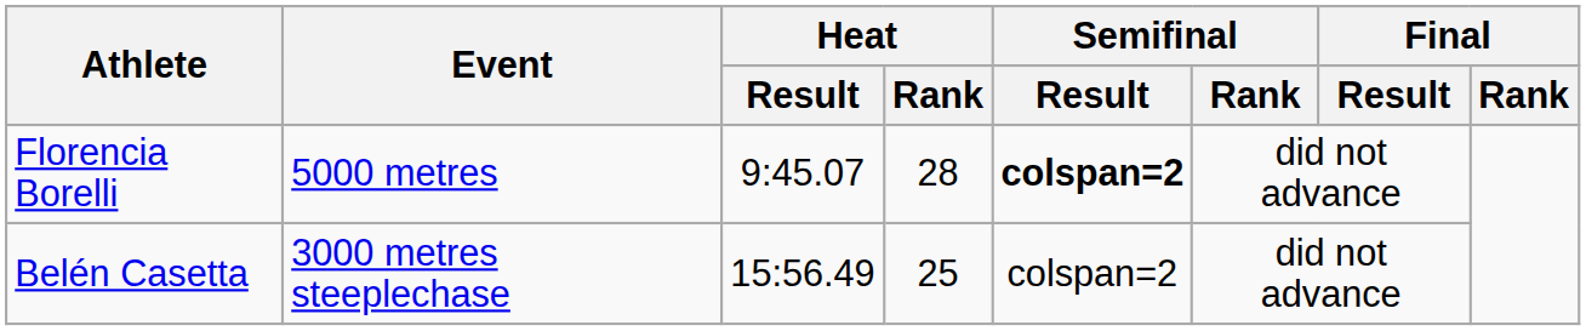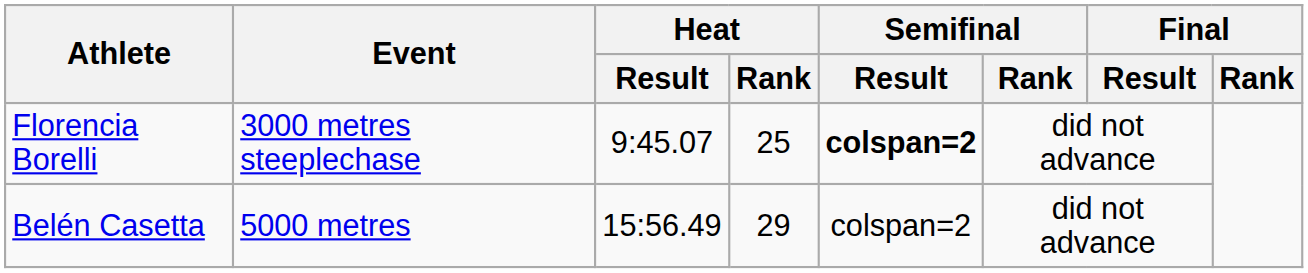 <table class="wikitable"  style=font-size:90%>
 <tr>
 <th rowspan="2">Athlete</th>
 <th rowspan="2">Event</th>
 <th colspan="2">Heat</th>
 <th colspan="2">Semifinal</th>
 <th colspan="2">Final</th>
 </tr>
 <tr>
 <th>Result</th>
 <th>Rank</th>
 <th>Result</th>
 <th>Rank</th>
 <th>Result</th>
 <th>Rank</th>
 </tr>
 <tr style=text-align:center>
 <td style=text-align:left><a href='#'>Florencia Borelli</a></td>
-<td style=text-align:left><a href='#'>5000 metres</a></td>
+<td style=text-align:left><a href='#'>3000 metres steeplechase</a></td>
 <td>9:45.07</td>
-<td>28</td>
+<td>25</td>
 <td><strong>colspan=2</strong></td>
 <td colspan=2>did not advance</td>
 </tr>
 <tr style=text-align:center>
 <td style=text-align:left><a href='#'>Belén Casetta</a></td>
-<td style=text-align:left><a href='#'>3000 metres steeplechase</a></td>
+<td style=text-align:left><a href='#'>5000 metres</a></td>
 <td>15:56.49</td>
-<td>25</td>
+<td>29</td>
 <td>colspan=2</td>
 <td colspan=2>did not advance</td>
 </tr>
 </table>
